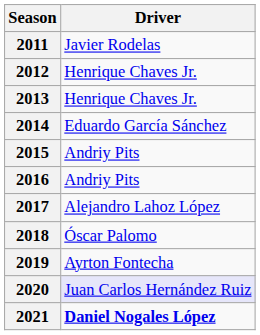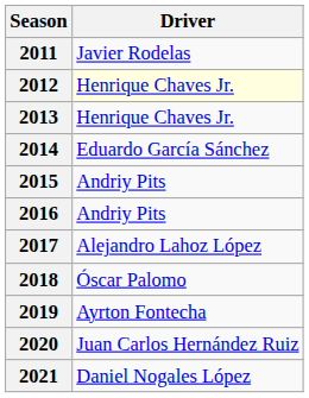 <table class="wikitable" style="font-size: 95%;">
 <tr>
 <th>Season</th>
 <th>Driver</th>
 </tr>
 <tr>
 <th>2011</th>
 <td> <a href='#'>Javier Rodelas</a></td>
 </tr>
 <tr>
 <th>2012</th>
-<td> <a href='#'>Henrique Chaves Jr.</a></td>
+<td style="background: lightyellow;"> <a href='#'>Henrique Chaves Jr.</a></td>
 </tr>
 <tr>
 <th>2013</th>
 <td> <a href='#'>Henrique Chaves Jr.</a></td>
 </tr>
 <tr>
 <th>2014</th>
 <td> <a href='#'>Eduardo García Sánchez</a></td>
 </tr>
 <tr>
 <th>2015</th>
 <td> <a href='#'>Andriy Pits</a></td>
 </tr>
 <tr>
 <th>2016</th>
 <td> <a href='#'>Andriy Pits</a></td>
 </tr>
 <tr>
 <th>2017</th>
 <td> <a href='#'>Alejandro Lahoz López</a></td>
 </tr>
 <tr>
 <th>2018</th>
 <td> <a href='#'>Óscar Palomo</a></td>
 </tr>
 <tr>
 <th>2019</th>
 <td> <a href='#'>Ayrton Fontecha</a></td>
 </tr>
 <tr>
 <th>2020</th>
-<td style="background: lavender;"> <a href='#'>Juan Carlos Hernández Ruiz</a></td>
+<td> <a href='#'>Juan Carlos Hernández Ruiz</a></td>
 </tr>
 <tr>
 <th>2021</th>
-<td><strong> <a href='#'>Daniel Nogales López</a></strong></td>
+<td> <a href='#'>Daniel Nogales López</a></td>
 </tr>
 </table>
